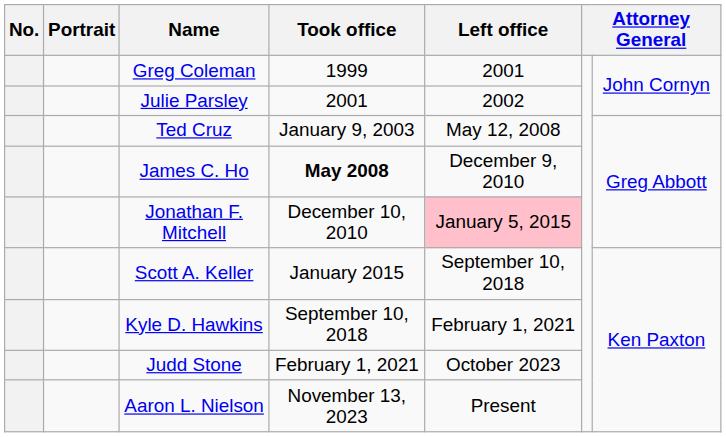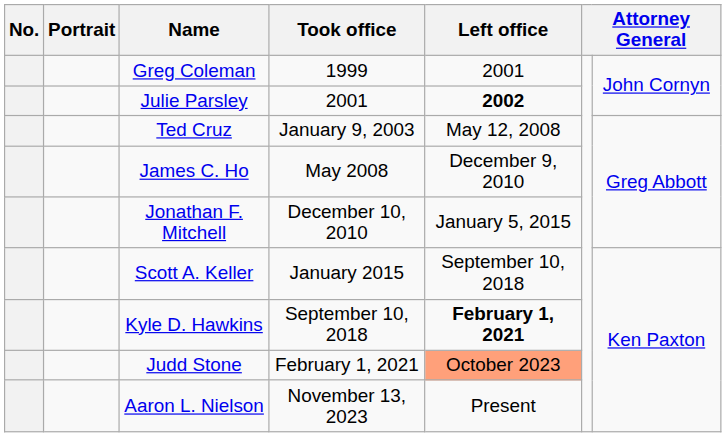 <table class="wikitable" style="clear:left; text-align:center">
 <tr>
 <th>No.</th>
 <th>Portrait</th>
 <th>Name</th>
 <th>Took office</th>
 <th>Left office</th>
 <th colspan=2><a href='#'>Attorney General</a></th>
 </tr>
 <tr>
 <th style="background: "></th>
 <td></td>
 <td><a href='#'>Greg Coleman</a></td>
 <td>1999</td>
 <td>2001</td>
 <td rowspan=9 style="background: "></td>
 <td rowspan=2><a href='#'>John Cornyn</a></td>
 </tr>
 <tr>
 <th style="background: "></th>
 <td></td>
 <td><a href='#'>Julie Parsley</a></td>
 <td>2001</td>
-<td>2002</td>
+<td><strong>2002</strong></td>
 </tr>
 <tr>
 <th style="background: "></th>
 <td></td>
 <td><a href='#'>Ted Cruz</a></td>
 <td>January 9, 2003</td>
 <td>May 12, 2008</td>
 <td rowspan=3><a href='#'>Greg Abbott</a></td>
 </tr>
 <tr>
 <th style="background: "></th>
 <td></td>
 <td><a href='#'>James C. Ho</a></td>
-<td><strong>May 2008</strong></td>
+<td>May 2008</td>
 <td>December 9, 2010</td>
 </tr>
 <tr>
 <th style="background: "></th>
 <td></td>
 <td><a href='#'>Jonathan F. Mitchell</a></td>
 <td>December 10, 2010</td>
-<td style="background: pink;">January 5, 2015</td>
+<td>January 5, 2015</td>
 </tr>
 <tr>
 <th style="background: "></th>
 <td></td>
 <td><a href='#'>Scott A. Keller</a></td>
 <td>January 2015</td>
 <td>September 10, 2018</td>
 <td rowspan=4><a href='#'>Ken Paxton</a></td>
 </tr>
 <tr>
 <th style="background: "></th>
 <td></td>
 <td><a href='#'>Kyle D. Hawkins</a></td>
 <td>September 10, 2018</td>
-<td>February 1, 2021</td>
+<td><strong>February 1, 2021</strong></td>
 </tr>
 <tr>
 <th style="background: "></th>
 <td></td>
 <td><a href='#'>Judd Stone</a></td>
 <td>February 1, 2021</td>
-<td>October 2023</td>
+<td style="background: lightsalmon;">October 2023</td>
 </tr>
 <tr>
 <th style="background: "></th>
 <td></td>
 <td><a href='#'>Aaron L. Nielson</a></td>
 <td>November 13, 2023</td>
 <td>Present</td>
 </tr>
 </table>
